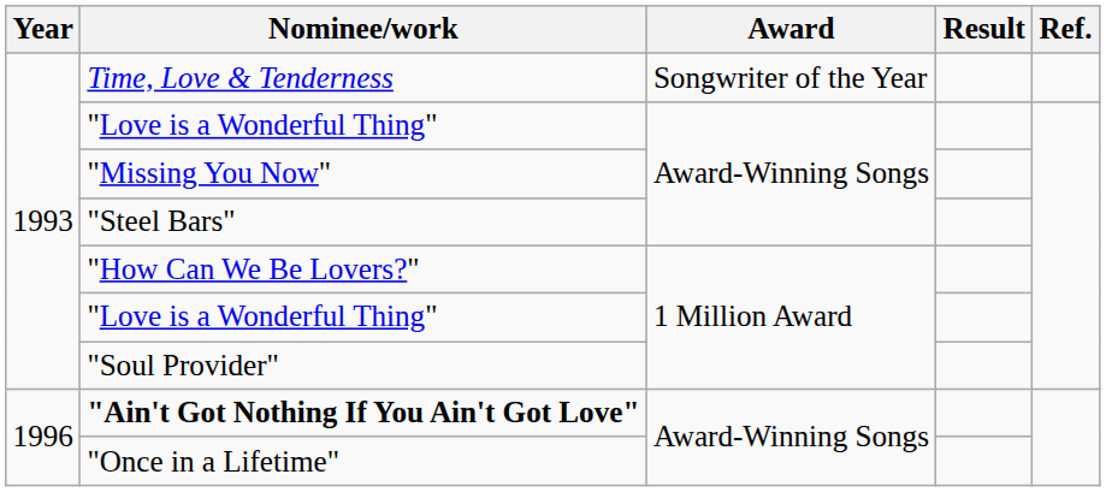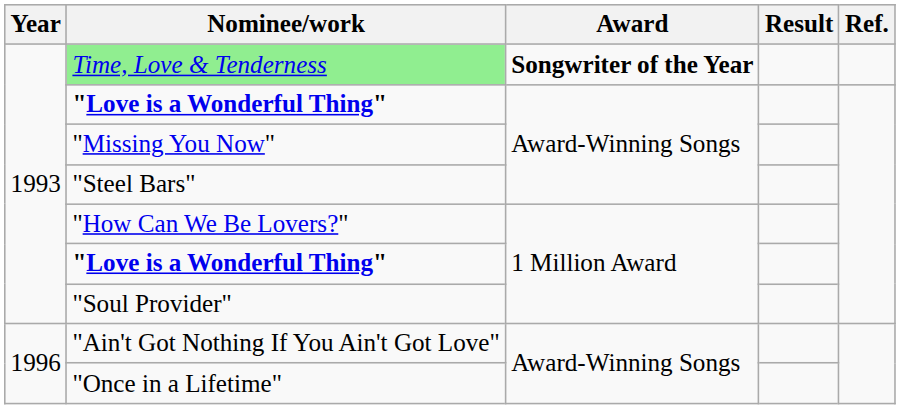 <table class="wikitable">
 <tr>
 <th>Year</th>
 <th>Nominee/work</th>
 <th>Award</th>
 <th>Result</th>
 <th>Ref.</th>
 </tr>
 <tr>
 <td rowspan=7>1993</td>
-<td><em><a href='#'>Time, Love & Tenderness</a></em></td>
-<td>Songwriter of the Year</td>
+<td style="background: lightgreen;"><em><a href='#'>Time, Love & Tenderness</a></em></td>
+<td><strong>Songwriter of the Year</strong></td>
 <td></td>
 </tr>
 <tr>
-<td>"<a href='#'>Love is a Wonderful Thing</a>"</td>
+<td><strong>"<a href='#'>Love is a Wonderful Thing</a>"</strong></td>
 <td rowspan=3>Award-Winning Songs</td>
 <td></td>
 <td rowspan=6></td>
 </tr>
 <tr>
 <td>"<a href='#'>Missing You Now</a>"</td>
 <td></td>
 </tr>
 <tr>
 <td>"Steel Bars"</td>
 <td></td>
 </tr>
 <tr>
 <td>"<a href='#'>How Can We Be Lovers?</a>"</td>
 <td rowspan=3>1 Million Award</td>
 <td></td>
 </tr>
 <tr>
-<td>"<a href='#'>Love is a Wonderful Thing</a>"</td>
+<td><strong>"<a href='#'>Love is a Wonderful Thing</a>"</strong></td>
 <td></td>
 </tr>
 <tr>
 <td>"Soul Provider"</td>
 <td></td>
 </tr>
 <tr>
 <td rowspan=2>1996</td>
-<td><strong>"Ain't Got Nothing If You Ain't Got Love"</strong></td>
+<td>"Ain't Got Nothing If You Ain't Got Love"</td>
 <td rowspan=2>Award-Winning Songs</td>
 <td></td>
 <td rowspan=2></td>
 </tr>
 <tr>
 <td>"Once in a Lifetime"</td>
 <td></td>
 </tr>
 </table>
